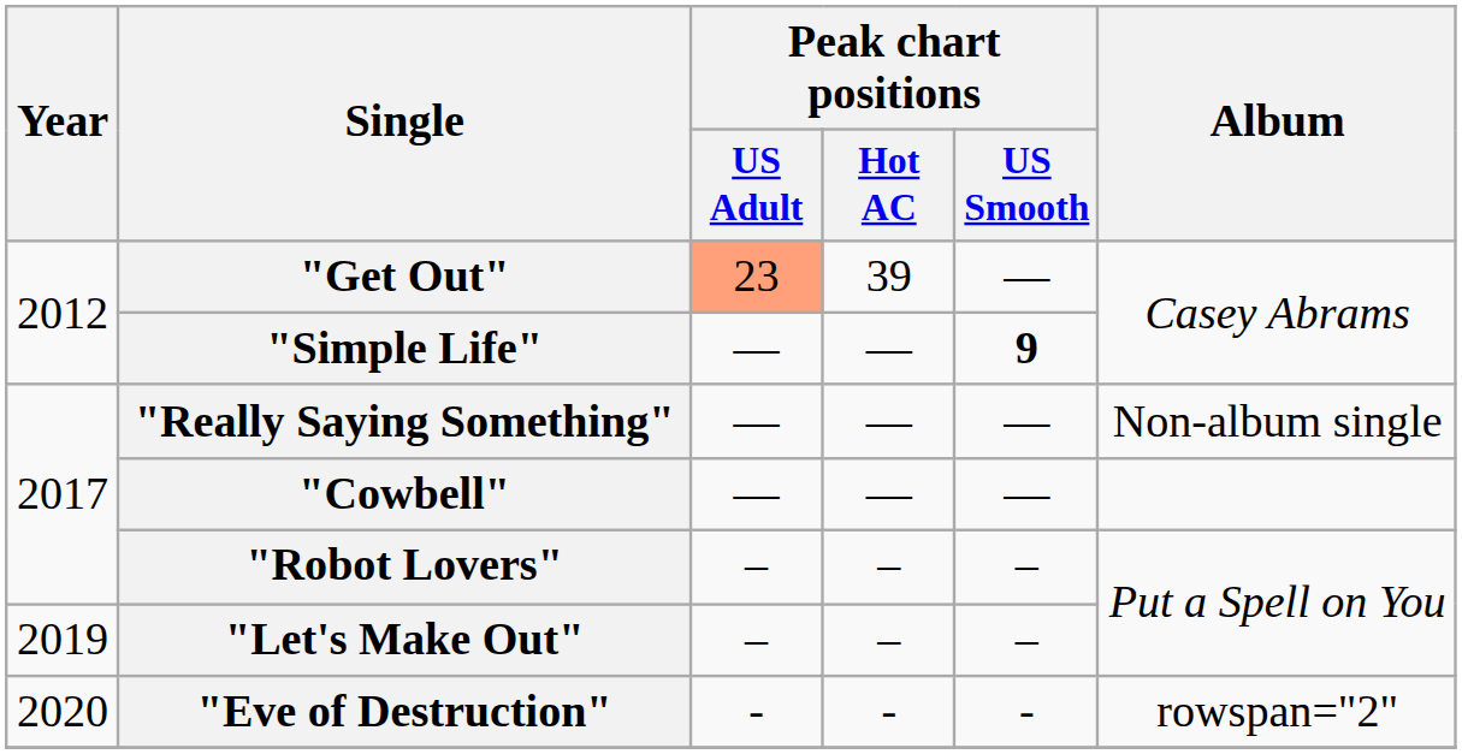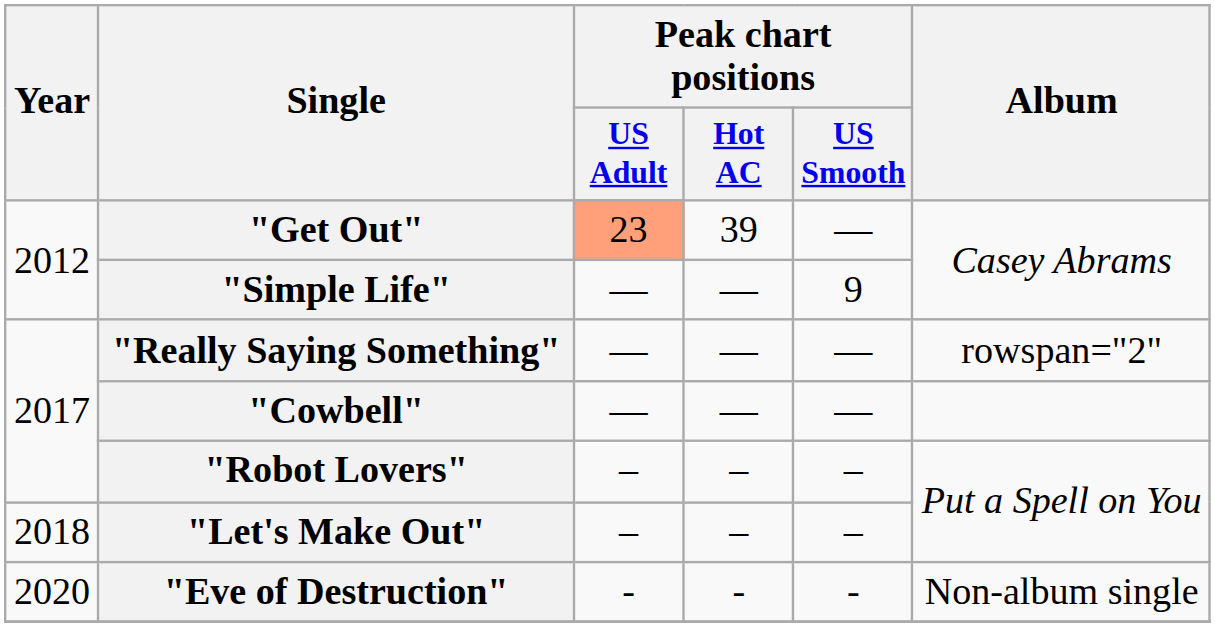 <table class="wikitable plainrowheaders" style="text-align:center;">
 <tr>
 <th rowspan="2">Year</th>
 <th rowspan="2" style="width:12em;">Single</th>
 <th colspan="3">Peak chart positions</th>
 <th rowspan="2">Album</th>
 </tr>
 <tr style="font-size:smaller;">
 <th scope="col" style="width:40px;"><a href='#'>US<br>Adult</a></th>
 <th style="width:40px;"><a href='#'>Hot<br>AC</a></th>
 <th style="width:40px;"><a href='#'>US<br>Smooth</a></th>
 </tr>
 <tr>
 <td rowspan="2">2012</td>
 <th scope="row">"Get Out"</th>
 <td style="background: lightsalmon;">23</td>
 <td>39</td>
 <td>—</td>
 <td rowspan="2"><em>Casey Abrams</em></td>
 </tr>
 <tr>
 <th scope="row">"Simple Life"</th>
 <td>—</td>
 <td>—</td>
-<td><strong>9</strong></td>
+<td>9</td>
 </tr>
 <tr>
 <td rowspan="3">2017</td>
 <th scope="row">"Really Saying Something"</th>
 <td>—</td>
 <td>—</td>
 <td>—</td>
-<td>Non-album single</td>
+<td>rowspan="2" </td>
 </tr>
 <tr>
 <th scope="row">"Cowbell"</th>
 <td>—</td>
 <td>—</td>
 <td>—</td>
 </tr>
 <tr>
 <th scope="row">"Robot Lovers"</th>
 <td>–</td>
 <td>–</td>
 <td>–</td>
 <td rowspan="2"><em>Put a Spell on You</em></td>
 </tr>
 <tr>
-<td>2019</td>
+<td>2018</td>
 <th scope="row">"Let's Make Out"</th>
 <td>–</td>
 <td>–</td>
 <td>–</td>
 </tr>
 <tr>
 <td>2020</td>
 <th scope="row">"Eve of Destruction"</th>
 <td>-</td>
 <td>-</td>
 <td>-</td>
-<td>rowspan="2" </td>
+<td>Non-album single</td>
 </tr>
 <tr>
 </tr>
 </table>
